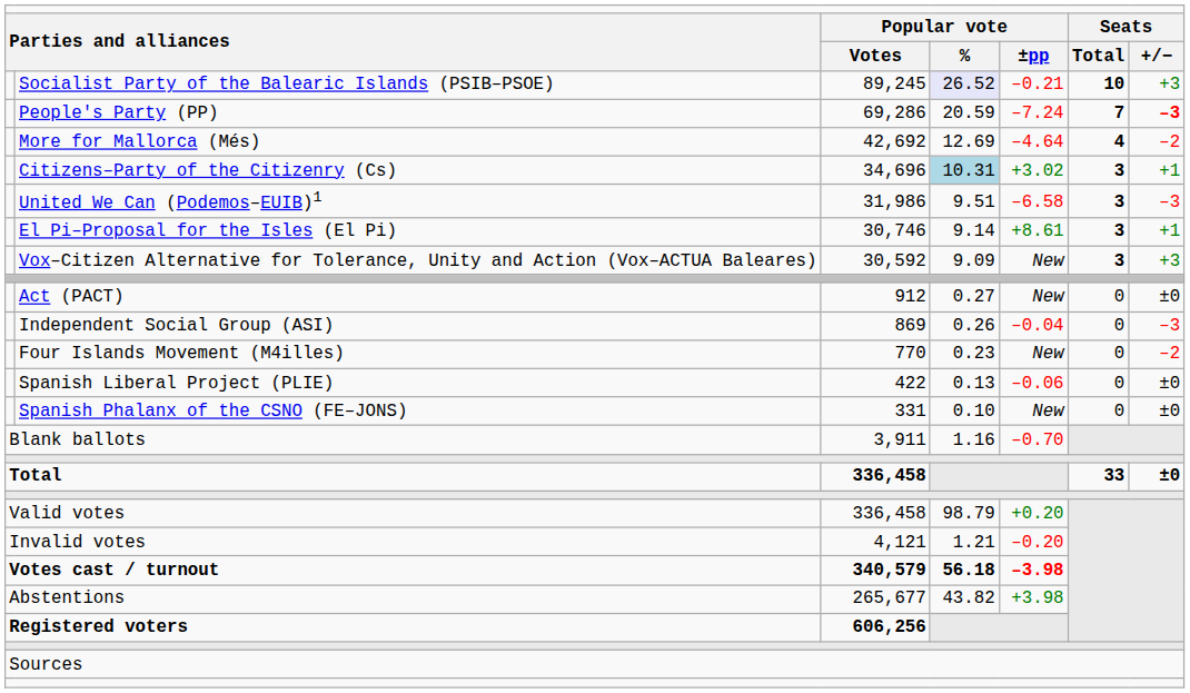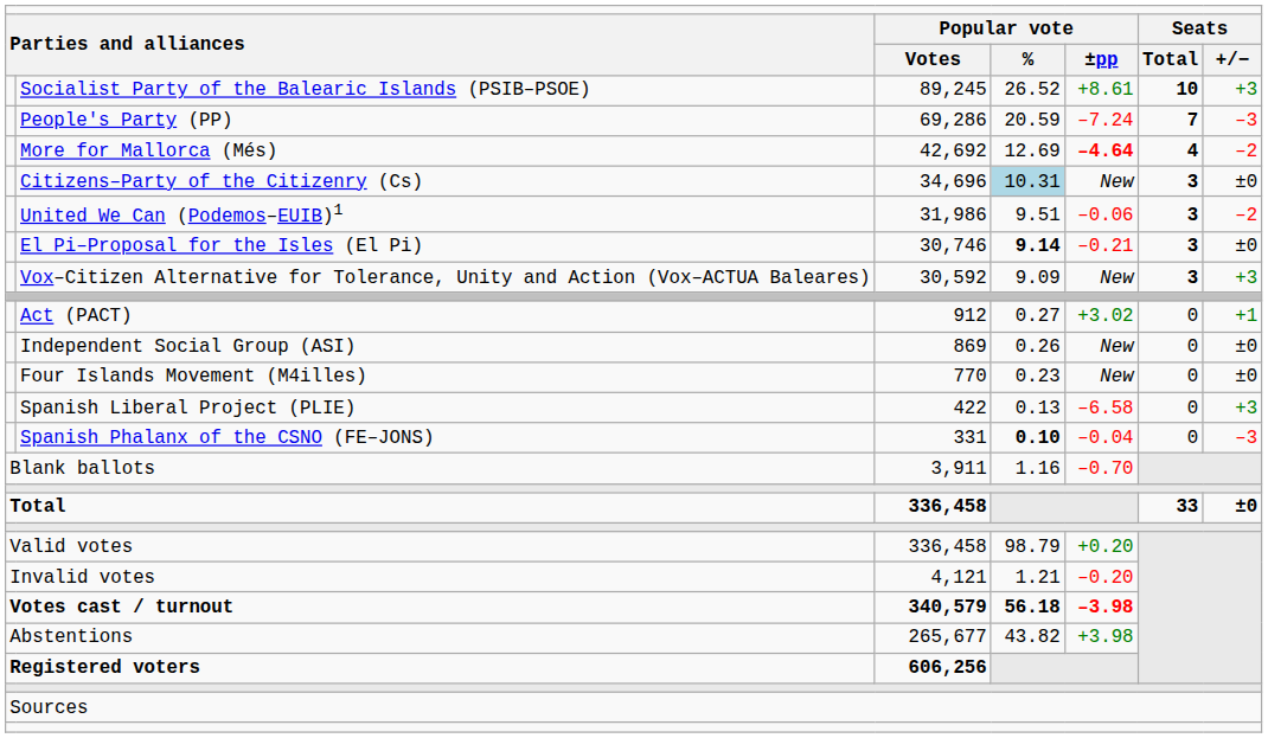 <table class="wikitable" style="text-align:right;">
 <tr>
 <td colspan="7"></td>
 </tr>
 <tr>
 <th style="text-align:left;" rowspan="2" colspan="2" width="525">Parties and alliances</th>
 <th colspan="3">Popular vote</th>
 <th colspan="2">Seats</th>
 </tr>
 <tr>
 <th width="75">Votes</th>
 <th width="45">%</th>
 <th width="45">±<a href='#'>pp</a></th>
 <th width="35">Total</th>
 <th width="35">+/−</th>
 </tr>
 <tr>
 <td width="1" style="color:inherit;background:"></td>
 <td align="left"><a href='#'>Socialist Party of the Balearic Islands</a> (PSIB–PSOE)</td>
 <td>89,245</td>
-<td style="background: lavender;">26.52</td>
-<td style="color:red;">–0.21</td>
+<td>26.52</td>
+<td style="color:green;">+8.61</td>
 <td><strong>10</strong></td>
 <td style="color:green;">+3</td>
 </tr>
 <tr>
 <td style="color:inherit;background:"></td>
 <td align="left"><a href='#'>People's Party</a> (PP)</td>
 <td>69,286</td>
 <td>20.59</td>
 <td style="color:red;">–7.24</td>
 <td><strong>7</strong></td>
-<td style="color:red;"><strong>–3</strong></td>
+<td style="color:red;">–3</td>
 </tr>
 <tr>
 <td style="color:inherit;background:"></td>
 <td align="left"><a href='#'>More for Mallorca</a> (Més)</td>
 <td>42,692</td>
 <td>12.69</td>
-<td style="color:red;">–4.64</td>
+<td style="color:red;"><strong>–4.64</strong></td>
 <td><strong>4</strong></td>
 <td style="color:red;">–2</td>
 </tr>
 <tr>
 <td style="color:inherit;background:"></td>
 <td align="left"><a href='#'>Citizens–Party of the Citizenry</a> (Cs)</td>
 <td>34,696</td>
 <td style="background: lightblue;">10.31</td>
-<td style="color:green;">+3.02</td>
+<td><em>New</em></td>
 <td><strong>3</strong></td>
-<td style="color:green;">+1</td>
+<td>±0</td>
 </tr>
 <tr>
 <td style="color:inherit;background:"></td>
 <td align="left"><a href='#'>United We Can</a> (<a href='#'>Podemos</a>–<a href='#'>EUIB</a>)<sup>1</sup></td>
 <td>31,986</td>
 <td>9.51</td>
-<td style="color:red;">–6.58</td>
+<td style="color:red;">–0.06</td>
 <td><strong>3</strong></td>
-<td style="color:red;">–3</td>
+<td style="color:red;">–2</td>
 </tr>
 <tr>
 <td style="color:inherit;background:"></td>
 <td align="left"><a href='#'>El Pi–Proposal for the Isles</a> (El Pi)</td>
 <td>30,746</td>
-<td>9.14</td>
-<td style="color:green;">+8.61</td>
+<td><strong>9.14</strong></td>
+<td style="color:red;">–0.21</td>
 <td><strong>3</strong></td>
-<td style="color:green;">+1</td>
+<td>±0</td>
 </tr>
 <tr>
 <td style="color:inherit;background:"></td>
 <td align="left"><a href='#'>Vox</a>–Citizen Alternative for Tolerance, Unity and Action (Vox–ACTUA Baleares)</td>
 <td>30,592</td>
 <td>9.09</td>
 <td><em>New</em></td>
 <td><strong>3</strong></td>
 <td style="color:green;">+3</td>
 </tr>
 <tr>
 <td colspan="7" bgcolor="#C0C0C0"></td>
 </tr>
 <tr>
 <td style="color:inherit;background:"></td>
 <td align="left"><a href='#'>Act</a> (PACT)</td>
 <td>912</td>
 <td>0.27</td>
-<td><em>New</em></td>
+<td style="color:green;">+3.02</td>
 <td>0</td>
-<td>±0</td>
+<td style="color:green;">+1</td>
 </tr>
 <tr>
 <td style="color:inherit;background:"></td>
 <td align="left">Independent Social Group (ASI)</td>
 <td>869</td>
 <td>0.26</td>
-<td style="color:red;">–0.04</td>
+<td><em>New</em></td>
 <td>0</td>
-<td style="color:red;">–3</td>
+<td>±0</td>
 </tr>
 <tr>
 <td style="color:inherit;background:"></td>
 <td align="left">Four Islands Movement (M4illes)</td>
 <td>770</td>
 <td>0.23</td>
 <td><em>New</em></td>
 <td>0</td>
-<td style="color:red;">–2</td>
+<td>±0</td>
 </tr>
 <tr>
 <td style="color:inherit;background:"></td>
 <td align="left">Spanish Liberal Project (PLIE)</td>
 <td>422</td>
 <td>0.13</td>
-<td style="color:red;">–0.06</td>
+<td style="color:red;">–6.58</td>
 <td>0</td>
-<td>±0</td>
+<td style="color:green;">+3</td>
 </tr>
 <tr>
 <td style="color:inherit;background:"></td>
 <td align="left"><a href='#'>Spanish Phalanx of the CSNO</a> (FE–JONS)</td>
 <td>331</td>
-<td>0.10</td>
-<td><em>New</em></td>
+<td><strong>0.10</strong></td>
+<td style="color:red;">–0.04</td>
 <td>0</td>
-<td>±0</td>
+<td style="color:red;">–3</td>
 </tr>
 <tr>
 <td align="left" colspan="2">Blank ballots</td>
 <td>3,911</td>
 <td>1.16</td>
 <td style="color:red;">–0.70</td>
 <td bgcolor="#E9E9E9" colspan="2"></td>
 </tr>
 <tr>
 <td colspan="7" bgcolor="#E9E9E9"></td>
 </tr>
 <tr style="font-weight:bold;">
 <td align="left" colspan="2">Total</td>
 <td>336,458</td>
 <td bgcolor="#E9E9E9" colspan="2"></td>
 <td>33</td>
 <td>±0</td>
 </tr>
 <tr>
 <td colspan="7" bgcolor="#E9E9E9"></td>
 </tr>
 <tr>
 <td align="left" colspan="2">Valid votes</td>
 <td>336,458</td>
 <td>98.79</td>
 <td style="color:green;">+0.20</td>
 <td bgcolor="#E9E9E9" colspan="2" rowspan="5"></td>
 </tr>
 <tr>
 <td align="left" colspan="2">Invalid votes</td>
 <td>4,121</td>
 <td>1.21</td>
 <td style="color:red;">–0.20</td>
 </tr>
 <tr style="font-weight:bold;">
 <td align="left" colspan="2">Votes cast / turnout</td>
 <td>340,579</td>
 <td>56.18</td>
 <td style="color:red;">–3.98</td>
 </tr>
 <tr>
 <td align="left" colspan="2">Abstentions</td>
 <td>265,677</td>
 <td>43.82</td>
 <td style="color:green;">+3.98</td>
 </tr>
 <tr style="font-weight:bold;">
 <td align="left" colspan="2">Registered voters</td>
 <td>606,256</td>
 <td bgcolor="#E9E9E9" colspan="2"></td>
 </tr>
 <tr>
 <td colspan="7" bgcolor="#E9E9E9"></td>
 </tr>
 <tr>
 <td align="left" colspan="7">Sources</td>
 </tr>
 <tr>
 <td colspan="7" style="text-align:left; max-width:790px;"></td>
 </tr>
 </table>
